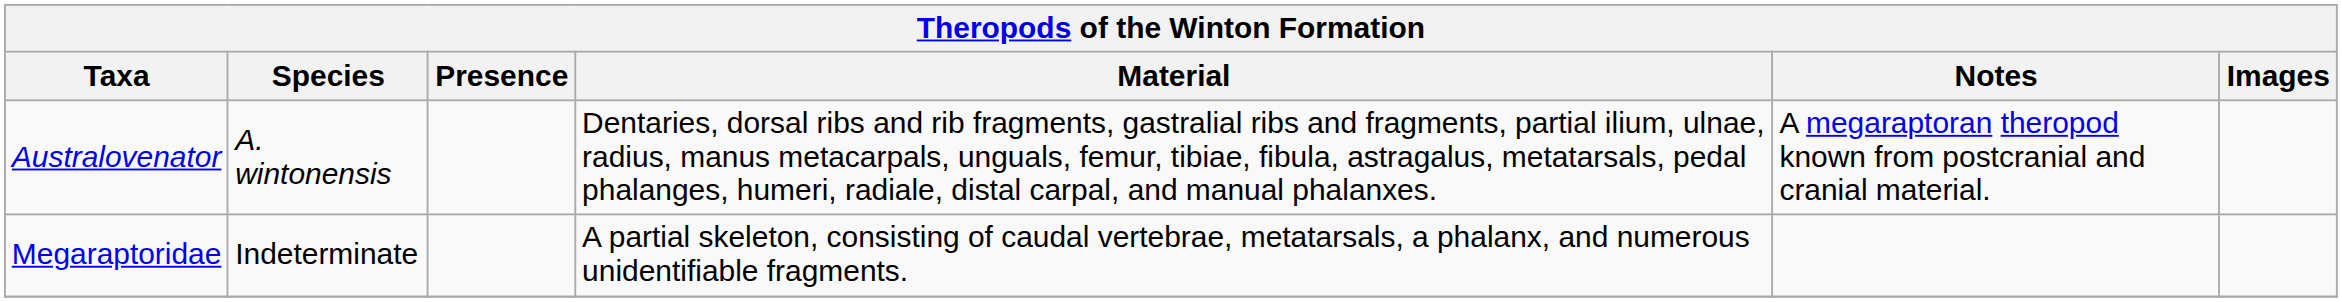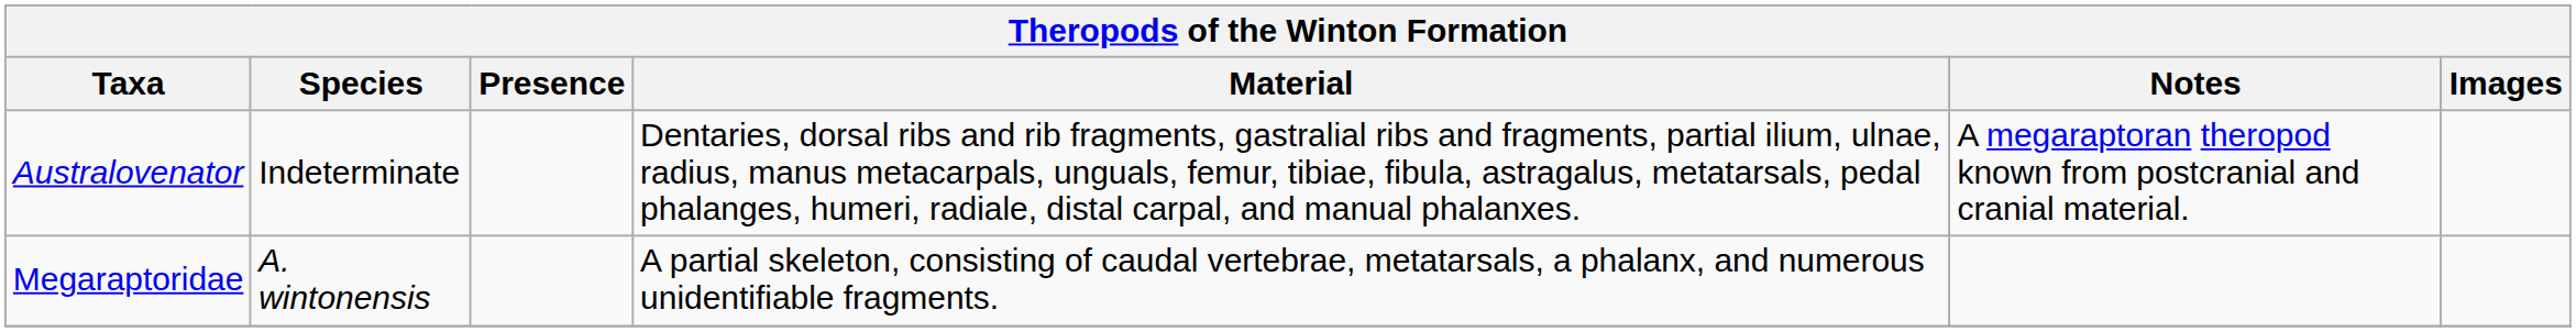 <table class="wikitable" align="center">
 <tr>
 <th colspan="6" align="center"><strong><a href='#'>Theropods</a> of the Winton Formation</strong></th>
 </tr>
 <tr>
 <th>Taxa</th>
 <th>Species</th>
 <th>Presence</th>
 <th>Material</th>
 <th>Notes</th>
 <th>Images</th>
 </tr>
 <tr>
 <td><em><a href='#'>Australovenator</a></em></td>
-<td><em>A. wintonensis</em></td>
+<td>Indeterminate</td>
 <td></td>
 <td>Dentaries, dorsal ribs and rib fragments, gastralial ribs and fragments, partial ilium, ulnae, radius, manus metacarpals, unguals, femur, tibiae, fibula, astragalus, metatarsals, pedal phalanges, humeri, radiale, distal carpal, and manual phalanxes.</td>
 <td>A <a href='#'>megaraptoran</a> <a href='#'>theropod</a> known from postcranial and cranial material.</td>
 <td></td>
 </tr>
 <tr>
 <td><a href='#'>Megaraptoridae</a></td>
-<td>Indeterminate</td>
+<td><em>A. wintonensis</em></td>
 <td></td>
 <td>A partial skeleton, consisting of caudal vertebrae, metatarsals, a phalanx, and numerous unidentifiable fragments.</td>
 <td></td>
 <td></td>
 </tr>
 <tr>
 </tr>
 </table>
